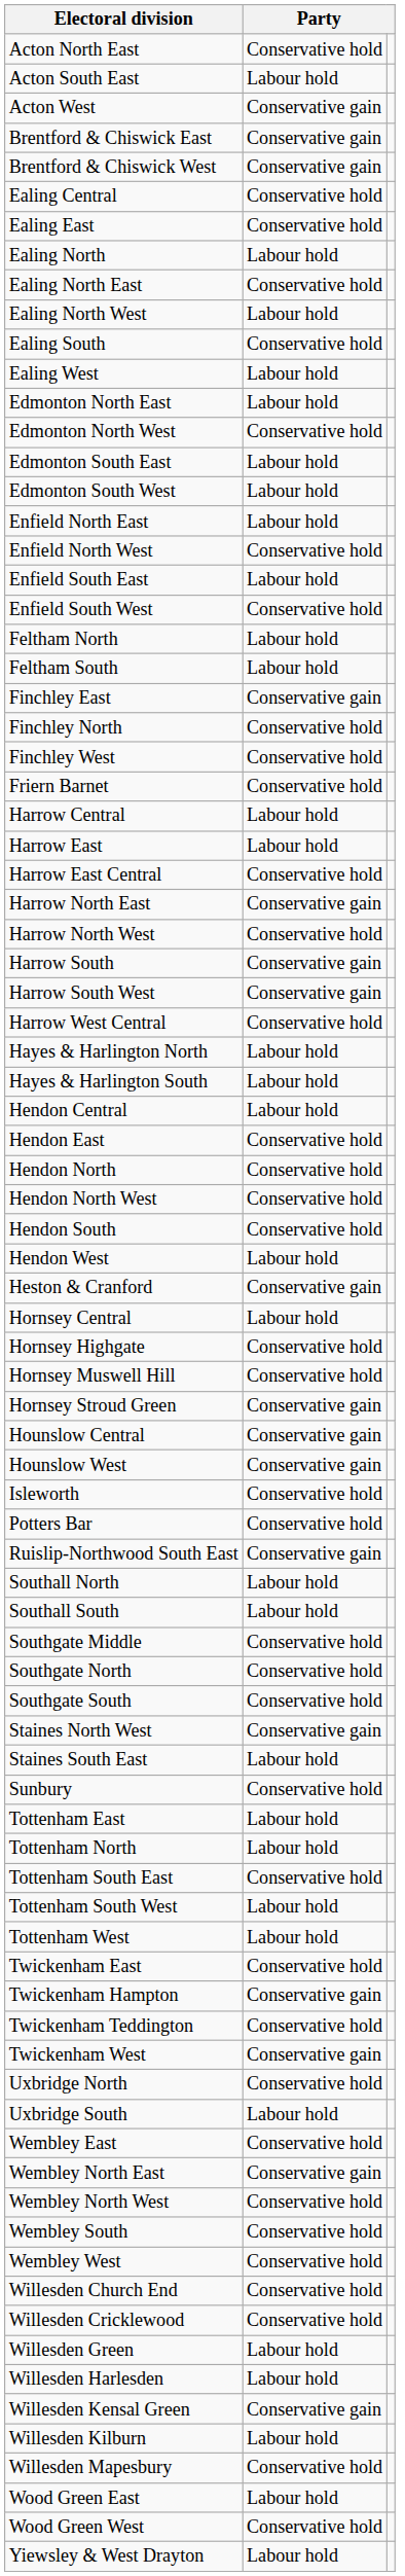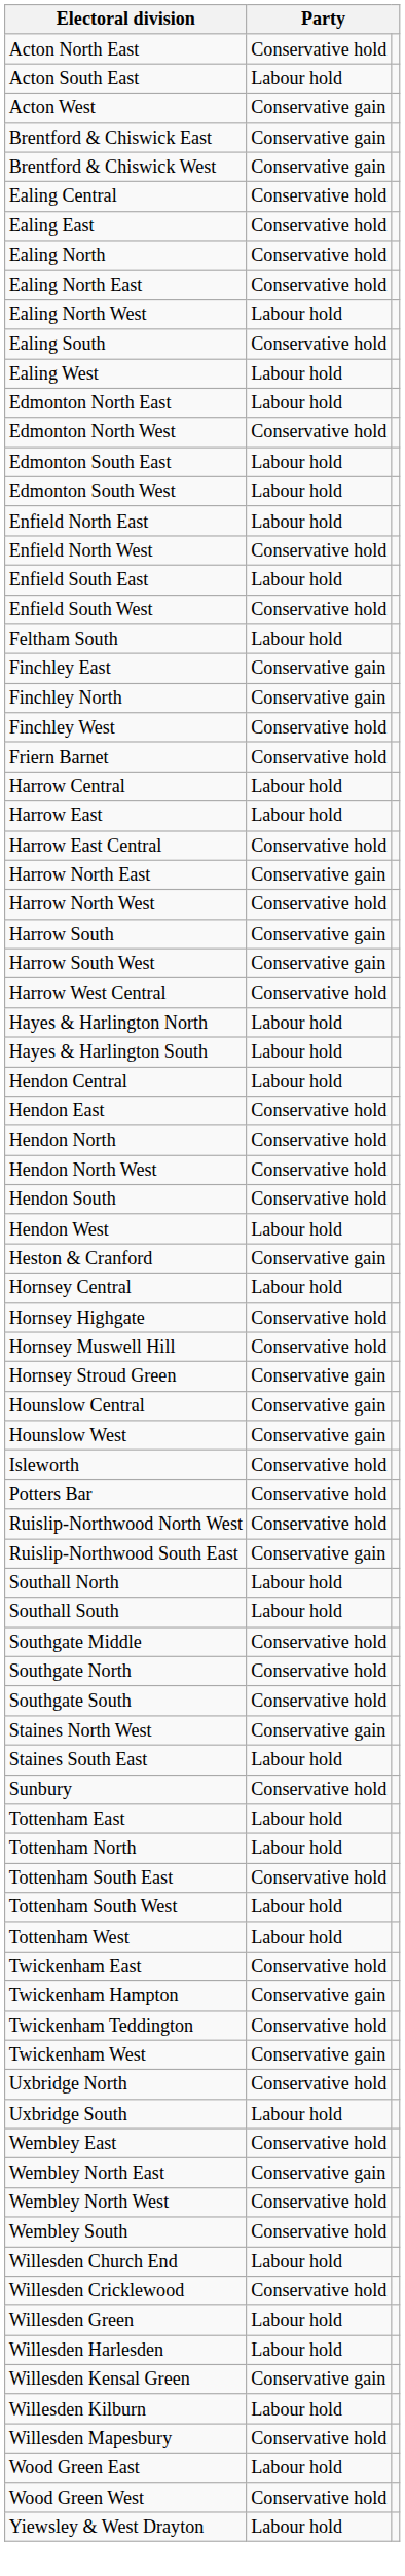 <table class="wikitable mw-collapsible mw-collapsed">
 <tr>
 <th>Electoral division</th>
 <th colspan="2">Party</th>
 </tr>
 <tr>
 <td>Acton North East</td>
 <td>Conservative hold</td>
 <td style="background-color: "></td>
 </tr>
 <tr>
 <td>Acton South East</td>
 <td>Labour hold</td>
 <td style="background-color: "></td>
 </tr>
 <tr>
 <td>Acton West</td>
 <td>Conservative gain</td>
 <td style="background-color: "></td>
 </tr>
 <tr>
 <td>Brentford & Chiswick East</td>
 <td>Conservative gain</td>
 <td style="background-color: "></td>
 </tr>
 <tr>
 <td>Brentford & Chiswick West</td>
 <td>Conservative gain</td>
 <td style="background-color: "></td>
 </tr>
 <tr>
 <td>Ealing Central</td>
 <td>Conservative hold</td>
 <td style="background-color: "></td>
 </tr>
 <tr>
 <td>Ealing East</td>
 <td>Conservative hold</td>
 <td style="background-color: "></td>
 </tr>
 <tr>
 <td>Ealing North</td>
-<td>Labour hold</td>
+<td>Conservative hold</td>
 <td style="background-color: "></td>
 </tr>
 <tr>
 <td>Ealing North East</td>
 <td>Conservative hold</td>
 <td style="background-color: "></td>
 </tr>
 <tr>
 <td>Ealing North West</td>
 <td>Labour hold</td>
 <td style="background-color: "></td>
 </tr>
 <tr>
 <td>Ealing South</td>
 <td>Conservative hold</td>
 <td style="background-color: "></td>
 </tr>
 <tr>
 <td>Ealing West</td>
 <td>Labour hold</td>
 <td style="background-color: "></td>
 </tr>
 <tr>
 <td>Edmonton North East</td>
 <td>Labour hold</td>
 <td style="background-color: "></td>
 </tr>
 <tr>
 <td>Edmonton North West</td>
 <td>Conservative hold</td>
 <td style="background-color: "></td>
 </tr>
 <tr>
 <td>Edmonton South East</td>
 <td>Labour hold</td>
 <td style="background-color: "></td>
 </tr>
 <tr>
 <td>Edmonton South West</td>
 <td>Labour hold</td>
 <td style="background-color: "></td>
 </tr>
 <tr>
 <td>Enfield North East</td>
 <td>Labour hold</td>
 <td style="background-color: "></td>
 </tr>
 <tr>
 <td>Enfield North West</td>
 <td>Conservative hold</td>
 <td style="background-color: "></td>
 </tr>
 <tr>
 <td>Enfield South East</td>
 <td>Labour hold</td>
 <td style="background-color: "></td>
 </tr>
 <tr>
 <td>Enfield South West</td>
 <td>Conservative hold</td>
 <td style="background-color: "></td>
 </tr>
 <tr>
-<td>Feltham North</td>
-<td>Labour hold</td>
-<td style="background-color: "></td>
-</tr>
-<tr>
 <td>Feltham South</td>
 <td>Labour hold</td>
 <td style="background-color: "></td>
 </tr>
 <tr>
 <td>Finchley East</td>
 <td>Conservative gain</td>
 <td style="background-color: "></td>
 </tr>
 <tr>
 <td>Finchley North</td>
-<td>Conservative hold</td>
+<td>Conservative gain</td>
 <td style="background-color: "></td>
 </tr>
 <tr>
 <td>Finchley West</td>
 <td>Conservative hold</td>
 <td style="background-color: "></td>
 </tr>
 <tr>
 <td>Friern Barnet</td>
 <td>Conservative hold</td>
 <td style="background-color: "></td>
 </tr>
 <tr>
 <td>Harrow Central</td>
 <td>Labour hold</td>
 <td style="background-color: "></td>
 </tr>
 <tr>
 <td>Harrow East</td>
 <td>Labour hold</td>
 <td style="background-color: "></td>
 </tr>
 <tr>
 <td>Harrow East Central</td>
 <td>Conservative hold</td>
 <td style="background-color: "></td>
 </tr>
 <tr>
 <td>Harrow North East</td>
 <td>Conservative gain</td>
 <td style="background-color: "></td>
 </tr>
 <tr>
 <td>Harrow North West</td>
 <td>Conservative hold</td>
 <td style="background-color: "></td>
 </tr>
 <tr>
 <td>Harrow South</td>
 <td>Conservative gain</td>
 <td style="background-color: "></td>
 </tr>
 <tr>
 <td>Harrow South West</td>
 <td>Conservative gain</td>
 <td style="background-color: "></td>
 </tr>
 <tr>
 <td>Harrow West Central</td>
 <td>Conservative hold</td>
 <td style="background-color: "></td>
 </tr>
 <tr>
 <td>Hayes & Harlington North</td>
 <td>Labour hold</td>
 <td style="background-color: "></td>
 </tr>
 <tr>
 <td>Hayes & Harlington South</td>
 <td>Labour hold</td>
 <td style="background-color: "></td>
 </tr>
 <tr>
 <td>Hendon Central</td>
 <td>Labour hold</td>
 <td style="background-color: "></td>
 </tr>
 <tr>
 <td>Hendon East</td>
 <td>Conservative hold</td>
 <td style="background-color: "></td>
 </tr>
 <tr>
 <td>Hendon North</td>
 <td>Conservative hold</td>
 <td style="background-color: "></td>
 </tr>
 <tr>
 <td>Hendon North West</td>
 <td>Conservative hold</td>
 <td style="background-color: "></td>
 </tr>
 <tr>
 <td>Hendon South</td>
 <td>Conservative hold</td>
 <td style="background-color: "></td>
 </tr>
 <tr>
 <td>Hendon West</td>
 <td>Labour hold</td>
 <td style="background-color: "></td>
 </tr>
 <tr>
 <td>Heston & Cranford</td>
 <td>Conservative gain</td>
 <td style="background-color: "></td>
 </tr>
 <tr>
 <td>Hornsey Central</td>
 <td>Labour hold</td>
 <td style="background-color: "></td>
 </tr>
 <tr>
 <td>Hornsey Highgate</td>
 <td>Conservative hold</td>
 <td style="background-color: "></td>
 </tr>
 <tr>
 <td>Hornsey Muswell Hill</td>
 <td>Conservative hold</td>
 <td style="background-color: "></td>
 </tr>
 <tr>
 <td>Hornsey Stroud Green</td>
 <td>Conservative gain</td>
 <td style="background-color: "></td>
 </tr>
 <tr>
 <td>Hounslow Central</td>
 <td>Conservative gain</td>
 <td style="background-color: "></td>
 </tr>
 <tr>
 <td>Hounslow West</td>
 <td>Conservative gain</td>
 <td style="background-color: "></td>
 </tr>
 <tr>
 <td>Isleworth</td>
 <td>Conservative hold</td>
 <td style="background-color: "></td>
 </tr>
 <tr>
 <td>Potters Bar</td>
 <td>Conservative hold</td>
 <td style="background-color: "></td>
 </tr>
 <tr>
+<td>Ruislip-Northwood North West</td>
+<td>Conservative hold</td>
+<td style="background-color: "></td>
+</tr>
+<tr>
 <td>Ruislip-Northwood South East</td>
 <td>Conservative gain</td>
 <td style="background-color: "></td>
 </tr>
 <tr>
 <td>Southall North</td>
 <td>Labour hold</td>
 <td style="background-color: "></td>
 </tr>
 <tr>
 <td>Southall South</td>
 <td>Labour hold</td>
 <td style="background-color: "></td>
 </tr>
 <tr>
 <td>Southgate Middle</td>
 <td>Conservative hold</td>
 <td style="background-color: "></td>
 </tr>
 <tr>
 <td>Southgate North</td>
 <td>Conservative hold</td>
 <td style="background-color: "></td>
 </tr>
 <tr>
 <td>Southgate South</td>
 <td>Conservative hold</td>
 <td style="background-color: "></td>
 </tr>
 <tr>
 <td>Staines North West</td>
 <td>Conservative gain</td>
 <td style="background-color: "></td>
 </tr>
 <tr>
 <td>Staines South East</td>
 <td>Labour hold</td>
 <td style="background-color: "></td>
 </tr>
 <tr>
 <td>Sunbury</td>
 <td>Conservative hold</td>
 <td style="background-color: "></td>
 </tr>
 <tr>
 <td>Tottenham East</td>
 <td>Labour hold</td>
 <td style="background-color: "></td>
 </tr>
 <tr>
 <td>Tottenham North</td>
 <td>Labour hold</td>
 <td style="background-color: "></td>
 </tr>
 <tr>
 <td>Tottenham South East</td>
 <td>Conservative hold</td>
 <td style="background-color: "></td>
 </tr>
 <tr>
 <td>Tottenham South West</td>
 <td>Labour hold</td>
 <td style="background-color: "></td>
 </tr>
 <tr>
 <td>Tottenham West</td>
 <td>Labour hold</td>
 <td style="background-color: "></td>
 </tr>
 <tr>
 <td>Twickenham East</td>
 <td>Conservative hold</td>
 <td style="background-color: "></td>
 </tr>
 <tr>
 <td>Twickenham Hampton</td>
 <td>Conservative gain</td>
 <td style="background-color: "></td>
 </tr>
 <tr>
 <td>Twickenham Teddington</td>
 <td>Conservative hold</td>
 <td style="background-color: "></td>
 </tr>
 <tr>
 <td>Twickenham West</td>
 <td>Conservative gain</td>
 <td style="background-color: "></td>
 </tr>
 <tr>
 <td>Uxbridge North</td>
 <td>Conservative hold</td>
 <td style="background-color: "></td>
 </tr>
 <tr>
 <td>Uxbridge South</td>
 <td>Labour hold</td>
 <td style="background-color: "></td>
 </tr>
 <tr>
 <td>Wembley East</td>
 <td>Conservative hold</td>
 <td style="background-color: "></td>
 </tr>
 <tr>
 <td>Wembley North East</td>
 <td>Conservative gain</td>
 <td style="background-color: "></td>
 </tr>
 <tr>
 <td>Wembley North West</td>
 <td>Conservative hold</td>
 <td style="background-color: "></td>
 </tr>
 <tr>
 <td>Wembley South</td>
 <td>Conservative hold</td>
 <td style="background-color: "></td>
 </tr>
 <tr>
-<td>Wembley West</td>
-<td>Conservative hold</td>
-<td style="background-color: "></td>
-</tr>
-<tr>
 <td>Willesden Church End</td>
-<td>Conservative hold</td>
+<td>Labour hold</td>
 <td style="background-color: "></td>
 </tr>
 <tr>
 <td>Willesden Cricklewood</td>
 <td>Conservative hold</td>
 <td style="background-color: "></td>
 </tr>
 <tr>
 <td>Willesden Green</td>
 <td>Labour hold</td>
 <td style="background-color: "></td>
 </tr>
 <tr>
 <td>Willesden Harlesden</td>
 <td>Labour hold</td>
 <td style="background-color: "></td>
 </tr>
 <tr>
 <td>Willesden Kensal Green</td>
 <td>Conservative gain</td>
 <td style="background-color: "></td>
 </tr>
 <tr>
 <td>Willesden Kilburn</td>
 <td>Labour hold</td>
 <td style="background-color: "></td>
 </tr>
 <tr>
 <td>Willesden Mapesbury</td>
 <td>Conservative hold</td>
 <td style="background-color: "></td>
 </tr>
 <tr>
 <td>Wood Green East</td>
 <td>Labour hold</td>
 <td style="background-color: "></td>
 </tr>
 <tr>
 <td>Wood Green West</td>
 <td>Conservative hold</td>
 <td style="background-color: "></td>
 </tr>
 <tr>
 <td>Yiewsley & West Drayton</td>
 <td>Labour hold</td>
 <td style="background-color: "></td>
 </tr>
 </table>
